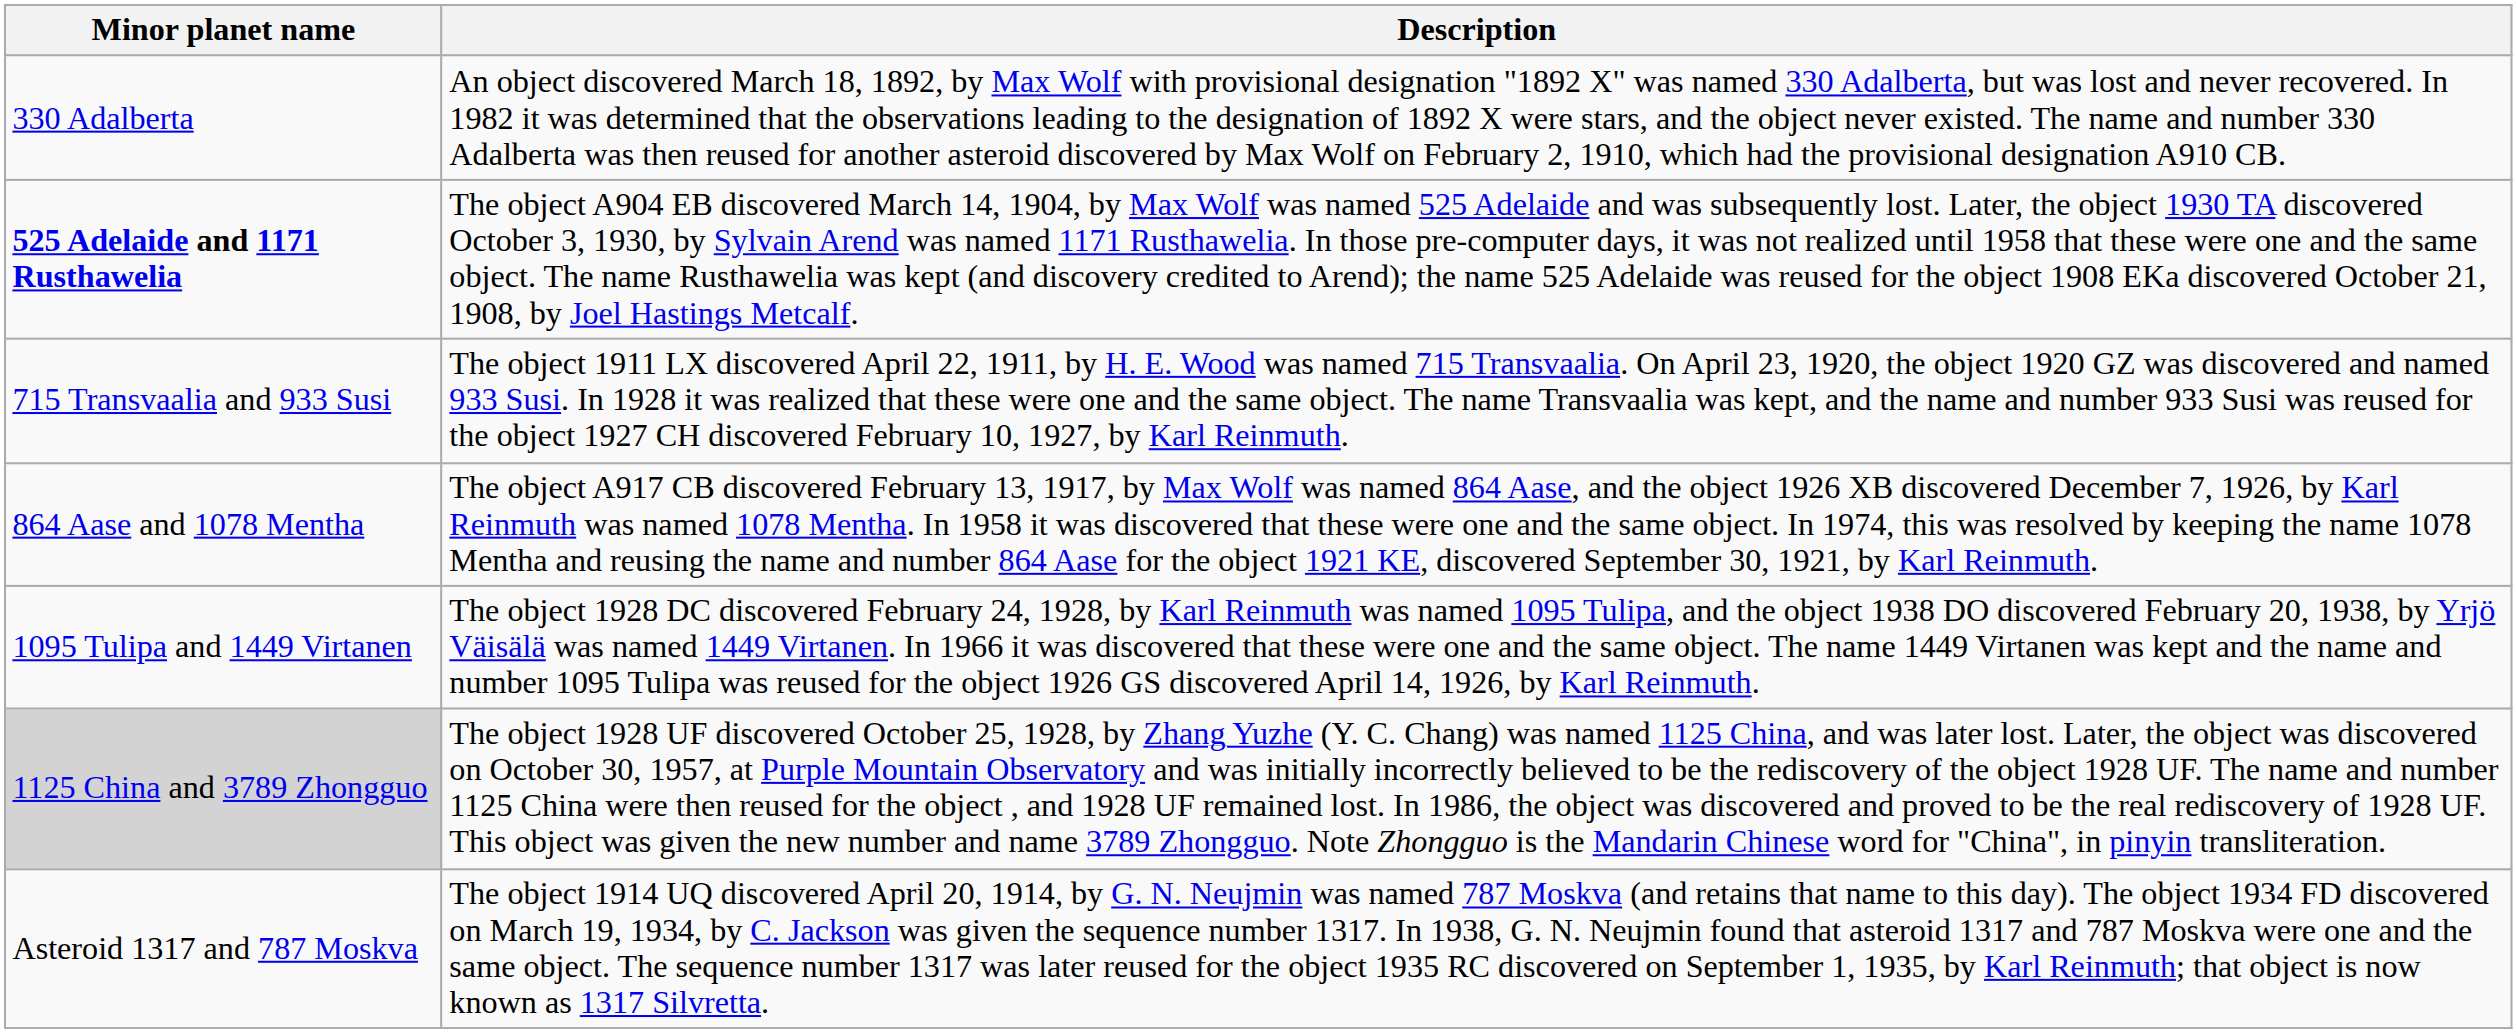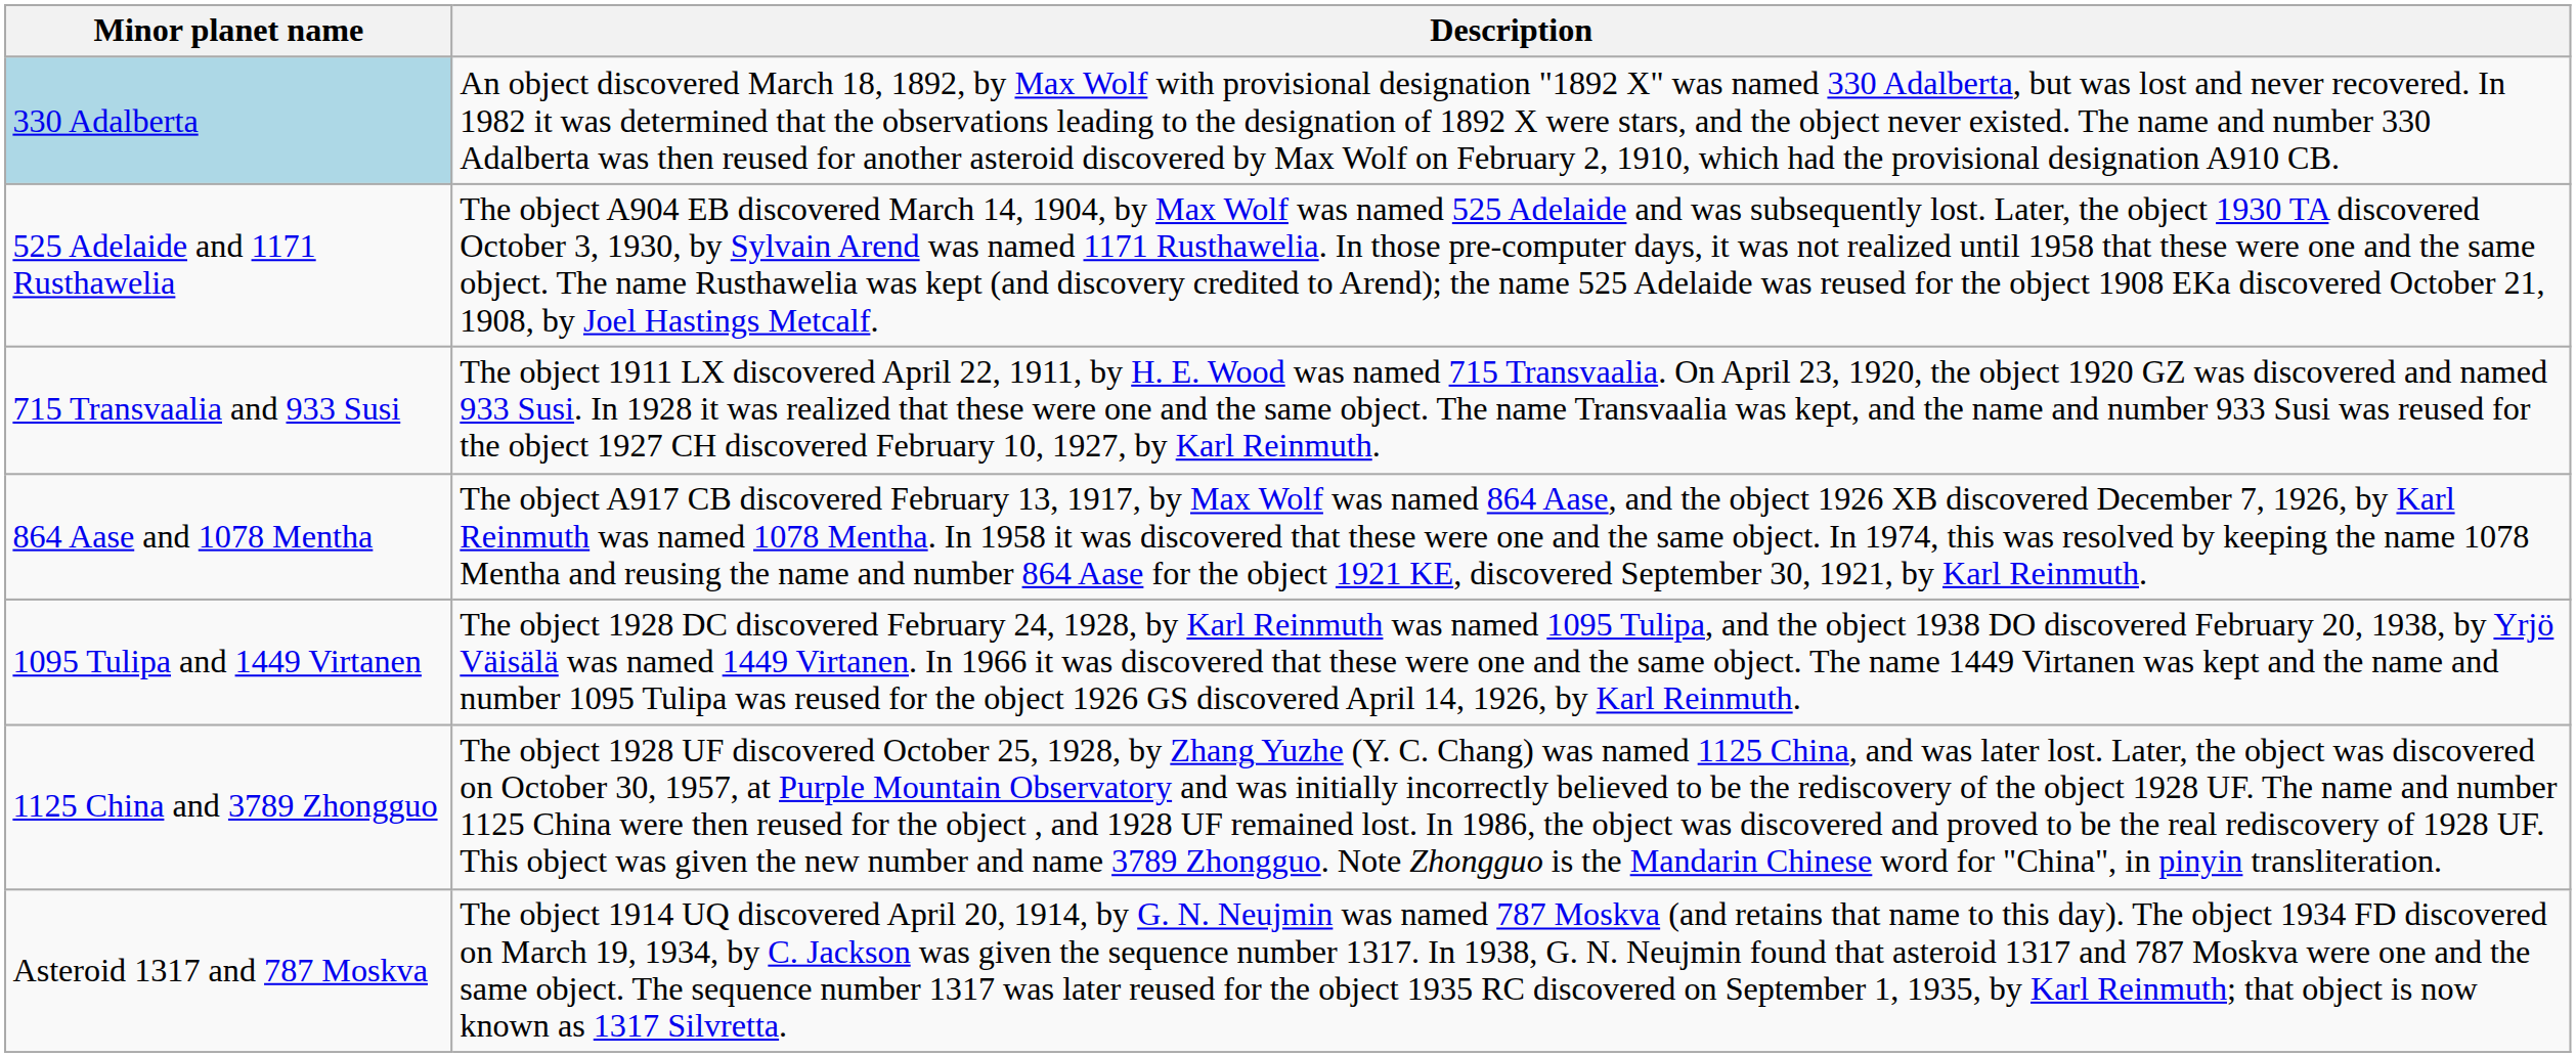 <table class="wikitable">
 <tr>
 <th width=210>Minor planet name</th>
 <th>Description</th>
 </tr>
 <tr>
-<td><a href='#'>330 Adalberta</a></td>
+<td style="background: lightblue;"><a href='#'>330 Adalberta</a></td>
 <td>An object discovered March 18, 1892, by <a href='#'>Max Wolf</a> with provisional designation "1892 X" was named <a href='#'>330 Adalberta</a>, but was lost and never recovered. In 1982 it was determined that the observations leading to the designation of 1892 X were stars, and the object never existed. The name and number 330 Adalberta was then reused for another asteroid discovered by Max Wolf on February 2, 1910, which had the provisional designation A910 CB.</td>
 </tr>
 <tr>
-<td><strong><a href='#'>525 Adelaide</a> and <a href='#'>1171 Rusthawelia</a></strong></td>
+<td><a href='#'>525 Adelaide</a> and <a href='#'>1171 Rusthawelia</a></td>
 <td>The object A904 EB discovered March 14, 1904, by <a href='#'>Max Wolf</a> was named <a href='#'>525 Adelaide</a> and was subsequently lost. Later, the object <a href='#'>1930 TA</a> discovered October 3, 1930, by <a href='#'>Sylvain Arend</a> was named <a href='#'>1171 Rusthawelia</a>. In those pre-computer days, it was not realized until 1958 that these were one and the same object. The name Rusthawelia was kept (and discovery credited to Arend); the name 525 Adelaide was reused for the object 1908 EKa discovered October 21, 1908, by <a href='#'>Joel Hastings Metcalf</a>.</td>
 </tr>
 <tr>
 <td><a href='#'>715 Transvaalia</a> and <a href='#'>933 Susi</a></td>
 <td>The object 1911 LX discovered April 22, 1911, by <a href='#'>H. E. Wood</a> was named <a href='#'>715 Transvaalia</a>. On April 23, 1920, the object 1920 GZ was discovered and named <a href='#'>933 Susi</a>. In 1928 it was realized that these were one and the same object. The name Transvaalia was kept, and the name and number 933 Susi was reused for the object 1927 CH discovered February 10, 1927, by <a href='#'>Karl Reinmuth</a>.</td>
 </tr>
 <tr>
 <td><a href='#'>864 Aase</a> and <a href='#'>1078 Mentha</a></td>
 <td>The object A917 CB discovered February 13, 1917, by <a href='#'>Max Wolf</a> was named <a href='#'>864 Aase</a>, and the object 1926 XB discovered December 7, 1926, by <a href='#'>Karl Reinmuth</a> was named <a href='#'>1078 Mentha</a>. In 1958 it was discovered that these were one and the same object. In 1974, this was resolved by keeping the name 1078 Mentha and reusing the name and number <a href='#'>864 Aase</a> for the object <a href='#'>1921 KE</a>, discovered September 30, 1921, by <a href='#'>Karl Reinmuth</a>.</td>
 </tr>
 <tr>
 <td><a href='#'>1095 Tulipa</a> and <a href='#'>1449 Virtanen</a></td>
 <td>The object 1928 DC discovered February 24, 1928, by <a href='#'>Karl Reinmuth</a> was named <a href='#'>1095 Tulipa</a>, and the object 1938 DO discovered February 20, 1938, by <a href='#'>Yrjö Väisälä</a> was named <a href='#'>1449 Virtanen</a>. In 1966 it was discovered that these were one and the same object. The name 1449 Virtanen was kept and the name and number 1095 Tulipa was reused for the object 1926 GS discovered April 14, 1926, by <a href='#'>Karl Reinmuth</a>.</td>
 </tr>
 <tr>
-<td style="background: lightgrey;"><a href='#'>1125 China</a> and <a href='#'>3789 Zhongguo</a></td>
+<td><a href='#'>1125 China</a> and <a href='#'>3789 Zhongguo</a></td>
 <td>The object 1928 UF discovered October 25, 1928, by <a href='#'>Zhang Yuzhe</a> (Y. C. Chang) was named <a href='#'>1125 China</a>, and was later lost. Later, the object  was discovered on October 30, 1957, at <a href='#'>Purple Mountain Observatory</a> and was initially incorrectly believed to be the rediscovery of the object 1928 UF. The name and number 1125 China were then reused for the object , and 1928 UF remained lost. In 1986, the object  was discovered and proved to be the real rediscovery of 1928 UF. This object was given the new number and name <a href='#'>3789 Zhongguo</a>. Note <em>Zhongguo</em> is the <a href='#'>Mandarin Chinese</a> word for "China", in <a href='#'>pinyin</a> transliteration.</td>
 </tr>
 <tr>
 <td>Asteroid 1317 and <a href='#'>787 Moskva</a></td>
 <td>The object 1914 UQ discovered April 20, 1914, by <a href='#'>G. N. Neujmin</a> was named <a href='#'>787 Moskva</a> (and retains that name to this day). The object 1934 FD discovered on March 19, 1934, by <a href='#'>C. Jackson</a> was given the sequence number 1317. In 1938, G. N. Neujmin found that asteroid 1317 and 787 Moskva were one and the same object. The sequence number 1317 was later reused for the object 1935 RC discovered on September 1, 1935, by <a href='#'>Karl Reinmuth</a>; that object is now known as <a href='#'>1317 Silvretta</a>.</td>
 </tr>
 </table>
